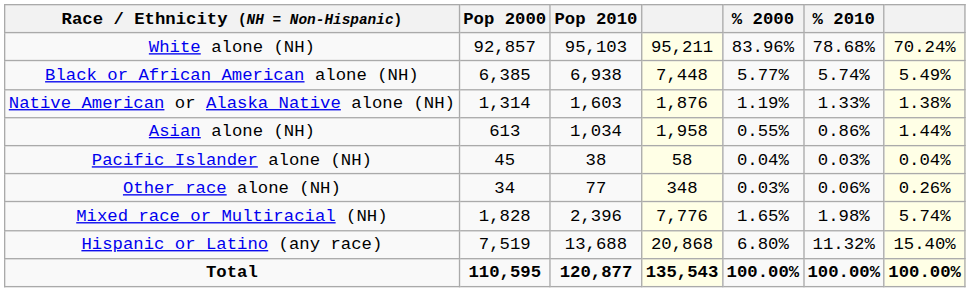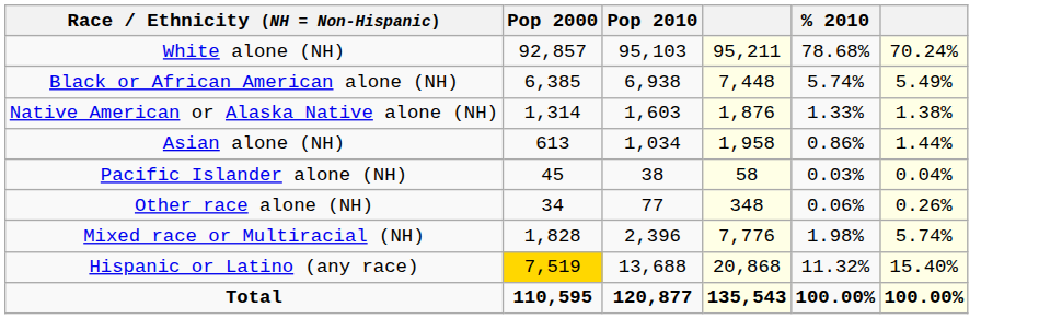 <table class="wikitable" style="text-align:center;">
 <tr>
 <th>Race / Ethnicity <small>(<em>NH = Non-Hispanic</em>)</small></th>
 <th>Pop 2000</th>
 <th>Pop 2010</th>
 <th></th>
-<th>% 2000</th>
 <th>% 2010</th>
 <th></th>
 </tr>
 <tr>
 <td><a href='#'>White</a> alone (NH)</td>
 <td>92,857</td>
 <td>95,103</td>
 <td style='background: #ffffe6;'>95,211</td>
-<td>83.96%</td>
 <td>78.68%</td>
 <td style='background: #ffffe6;'>70.24%</td>
 </tr>
 <tr>
 <td><a href='#'>Black or African American</a> alone (NH)</td>
 <td>6,385</td>
 <td>6,938</td>
 <td style='background: #ffffe6;'>7,448</td>
-<td>5.77%</td>
 <td>5.74%</td>
 <td style='background: #ffffe6;'>5.49%</td>
 </tr>
 <tr>
 <td><a href='#'>Native American</a> or <a href='#'>Alaska Native</a> alone (NH)</td>
 <td>1,314</td>
 <td>1,603</td>
 <td style='background: #ffffe6;'>1,876</td>
-<td>1.19%</td>
 <td>1.33%</td>
 <td style='background: #ffffe6;'>1.38%</td>
 </tr>
 <tr>
 <td><a href='#'>Asian</a> alone (NH)</td>
 <td>613</td>
 <td>1,034</td>
 <td style='background: #ffffe6;'>1,958</td>
-<td>0.55%</td>
 <td>0.86%</td>
 <td style='background: #ffffe6;'>1.44%</td>
 </tr>
 <tr>
 <td><a href='#'>Pacific Islander</a> alone (NH)</td>
 <td>45</td>
 <td>38</td>
 <td style='background: #ffffe6;'>58</td>
-<td>0.04%</td>
 <td>0.03%</td>
 <td style='background: #ffffe6;'>0.04%</td>
 </tr>
 <tr>
 <td><a href='#'>Other race</a> alone (NH)</td>
 <td>34</td>
 <td>77</td>
 <td style='background: #ffffe6;'>348</td>
-<td>0.03%</td>
 <td>0.06%</td>
 <td style='background: #ffffe6;'>0.26%</td>
 </tr>
 <tr>
 <td><a href='#'>Mixed race or Multiracial</a> (NH)</td>
 <td>1,828</td>
 <td>2,396</td>
 <td style='background: #ffffe6;'>7,776</td>
-<td>1.65%</td>
 <td>1.98%</td>
 <td style='background: #ffffe6;'>5.74%</td>
 </tr>
 <tr>
 <td><a href='#'>Hispanic or Latino</a> (any race)</td>
-<td>7,519</td>
+<td style="background: gold;">7,519</td>
 <td>13,688</td>
 <td style='background: #ffffe6;'>20,868</td>
-<td>6.80%</td>
 <td>11.32%</td>
 <td style='background: #ffffe6;'>15.40%</td>
 </tr>
 <tr>
 <td><strong>Total</strong></td>
 <td><strong>110,595</strong></td>
 <td><strong>120,877</strong></td>
 <td style='background: #ffffe6;'><strong>135,543</strong></td>
 <td><strong>100.00%</strong></td>
-<td><strong>100.00%</strong></td>
 <td style='background: #ffffe6;'><strong>100.00%</strong></td>
 </tr>
 </table>
